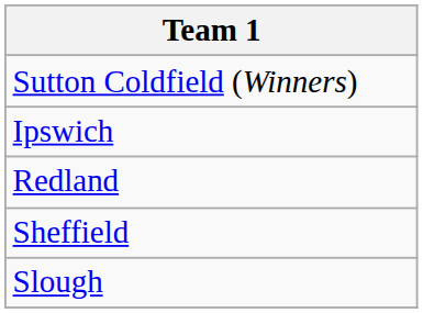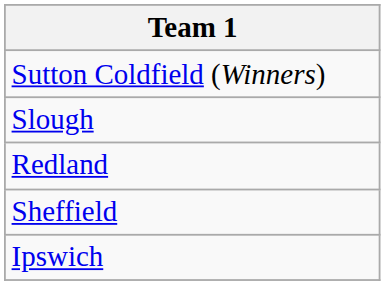 <table class="wikitable" style="font-size: 100%">
 <tr>
 <th width=200>Team 1</th>
 </tr>
 <tr>
 <td><a href='#'>Sutton Coldfield</a> (<em>Winners</em>)</td>
 </tr>
 <tr>
-<td><a href='#'>Ipswich</a></td>
+<td><a href='#'>Slough</a></td>
 </tr>
 <tr>
 <td><a href='#'>Redland</a></td>
 </tr>
 <tr>
 <td><a href='#'>Sheffield</a></td>
 </tr>
 <tr>
-<td><a href='#'>Slough</a></td>
+<td><a href='#'>Ipswich</a></td>
 </tr>
 </table>
